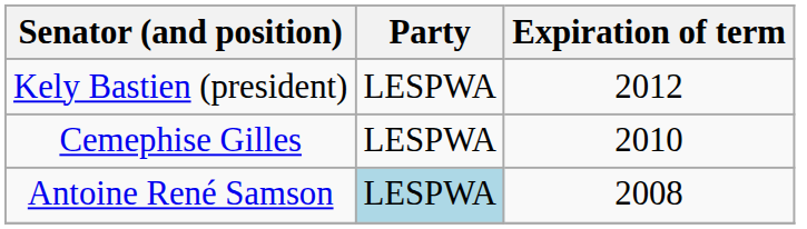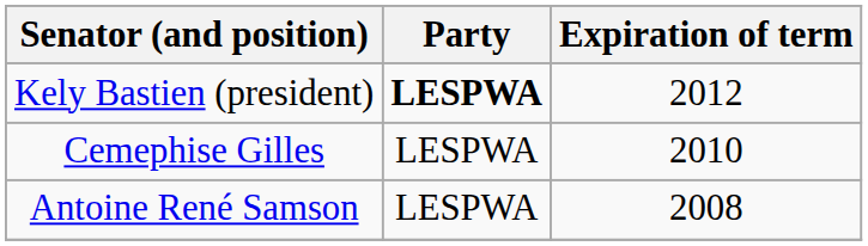 <table class="wikitable" style="text-align:center;">
 <tr>
 <th>Senator (and position)</th>
 <th>Party</th>
 <th>Expiration of term</th>
 </tr>
 <tr>
 <td><a href='#'>Kely Bastien</a> (president)</td>
-<td>LESPWA</td>
+<td><strong>LESPWA</strong></td>
 <td>2012</td>
 </tr>
 <tr>
 <td><a href='#'>Cemephise Gilles</a></td>
 <td>LESPWA</td>
 <td>2010</td>
 </tr>
 <tr>
 <td><a href='#'>Antoine René Samson</a></td>
-<td style="background: lightblue;">LESPWA</td>
+<td>LESPWA</td>
 <td>2008</td>
 </tr>
 <tr>
 </tr>
 </table>
